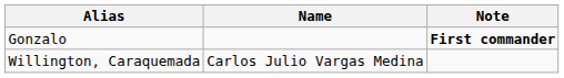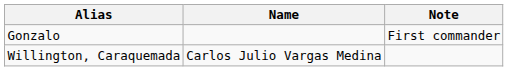 <table class="wikitable">
 <tr>
 <th>Alias</th>
 <th>Name</th>
 <th>Note</th>
 </tr>
 <tr>
 <td>Gonzalo</td>
 <td></td>
-<td><strong>First commander</strong></td>
+<td>First commander</td>
 </tr>
 <tr>
 <td>Willington, Caraquemada</td>
 <td>Carlos Julio Vargas Medina</td>
 </tr>
 </table>
